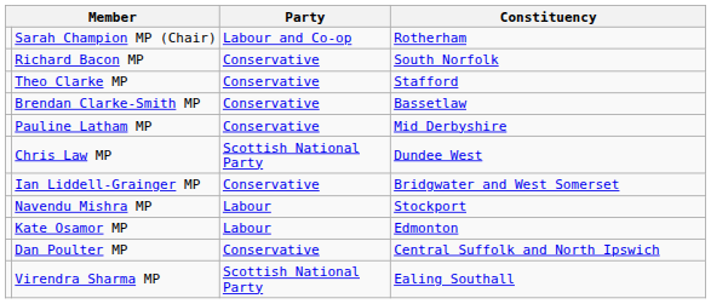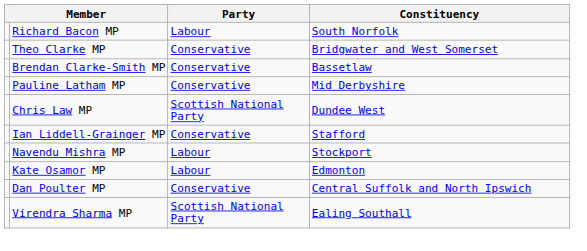 <table class="wikitable">
 <tr>
 <th colspan="2" style="width:160px; vertical-align:top;">Member</th>
 <th style="width:160px; vertical-align:top;">Party</th>
 <th style="width:300px; vertical-align:top;">Constituency</th>
 </tr>
 <tr>
-<td></td>
-<td><a href='#'>Sarah Champion</a> MP (Chair)</td>
-<td><a href='#'>Labour and Co-op</a></td>
-<td><a href='#'>Rotherham</a></td>
-</tr>
-<tr>
 <td style="color:inherit;background:"></td>
 <td><a href='#'>Richard Bacon</a> MP</td>
-<td><a href='#'>Conservative</a></td>
+<td><a href='#'>Labour</a></td>
 <td><a href='#'>South Norfolk</a></td>
 </tr>
 <tr>
 <td style="color:inherit;background:"></td>
 <td><a href='#'>Theo Clarke</a> MP</td>
 <td><a href='#'>Conservative</a></td>
-<td><a href='#'>Stafford</a></td>
+<td><a href='#'>Bridgwater and West Somerset</a></td>
 </tr>
 <tr>
 <td style="color:inherit;background:"></td>
 <td><a href='#'>Brendan Clarke-Smith</a> MP</td>
 <td><a href='#'>Conservative</a></td>
 <td><a href='#'>Bassetlaw</a></td>
 </tr>
 <tr>
 <td style="color:inherit;background:"></td>
 <td><a href='#'>Pauline Latham</a> MP</td>
 <td><a href='#'>Conservative</a></td>
 <td><a href='#'>Mid Derbyshire</a></td>
 </tr>
 <tr>
 <td style="color:inherit;background:"></td>
 <td><a href='#'>Chris Law</a> MP</td>
 <td><a href='#'>Scottish National Party</a></td>
 <td><a href='#'>Dundee West</a></td>
 </tr>
 <tr>
 <td style="color:inherit;background:"></td>
 <td><a href='#'>Ian Liddell-Grainger</a> MP</td>
 <td><a href='#'>Conservative</a></td>
-<td><a href='#'>Bridgwater and West Somerset</a></td>
+<td><a href='#'>Stafford</a></td>
 </tr>
 <tr>
 <td style="color:inherit;background:"></td>
 <td><a href='#'>Navendu Mishra</a> MP</td>
 <td><a href='#'>Labour</a></td>
 <td><a href='#'>Stockport</a></td>
 </tr>
 <tr>
 <td style="color:inherit;background:"></td>
 <td><a href='#'>Kate Osamor</a> MP</td>
 <td><a href='#'>Labour</a></td>
 <td><a href='#'>Edmonton</a></td>
 </tr>
 <tr>
 <td style="color:inherit;background:"></td>
 <td><a href='#'>Dan Poulter</a> MP</td>
 <td><a href='#'>Conservative</a></td>
 <td><a href='#'>Central Suffolk and North Ipswich</a></td>
 </tr>
 <tr>
 <td style="color:inherit;background:"></td>
 <td><a href='#'>Virendra Sharma</a> MP</td>
 <td><a href='#'>Scottish National Party</a></td>
 <td><a href='#'>Ealing Southall</a></td>
 </tr>
 </table>
